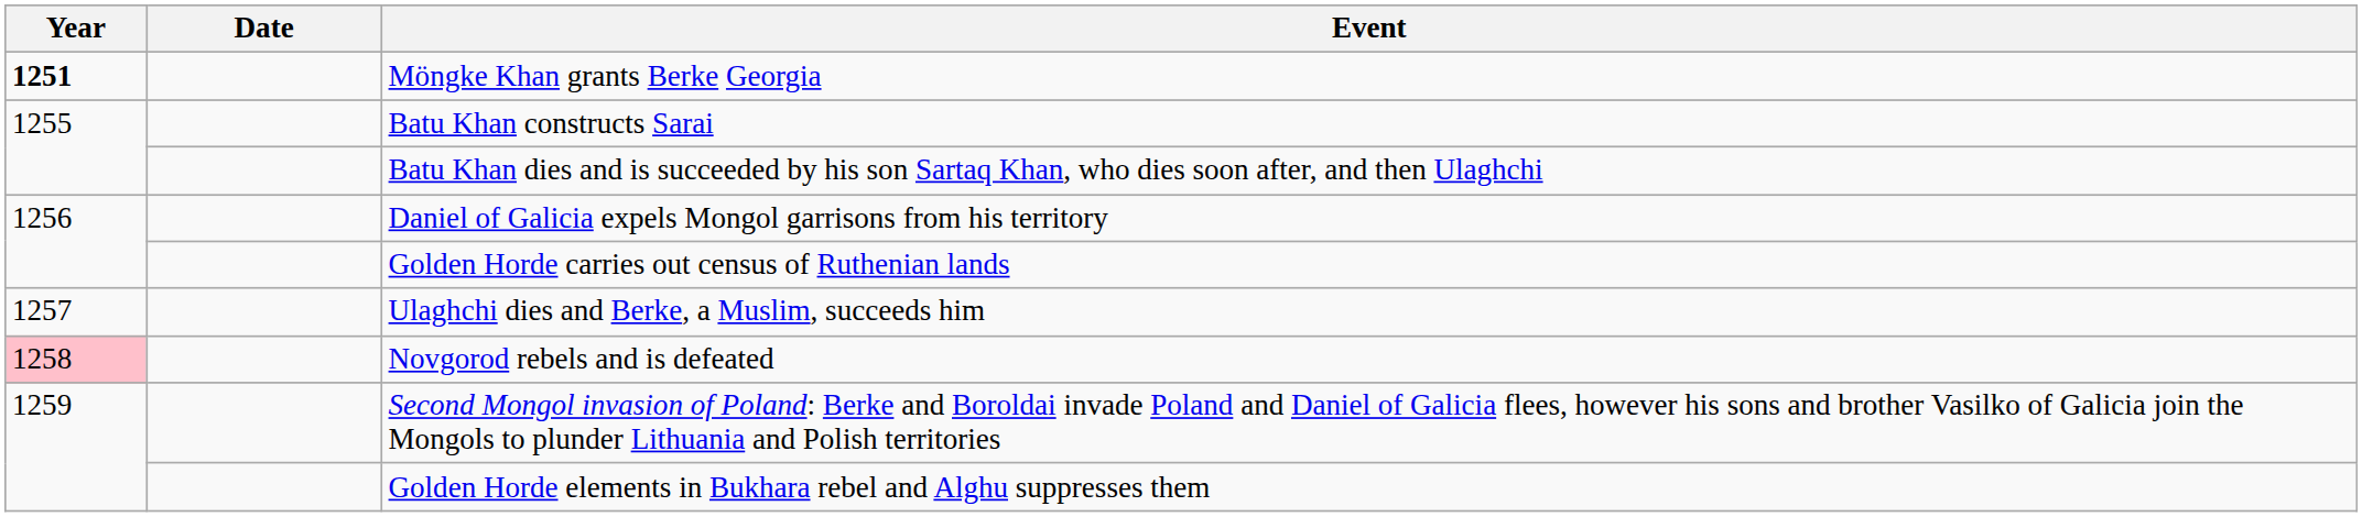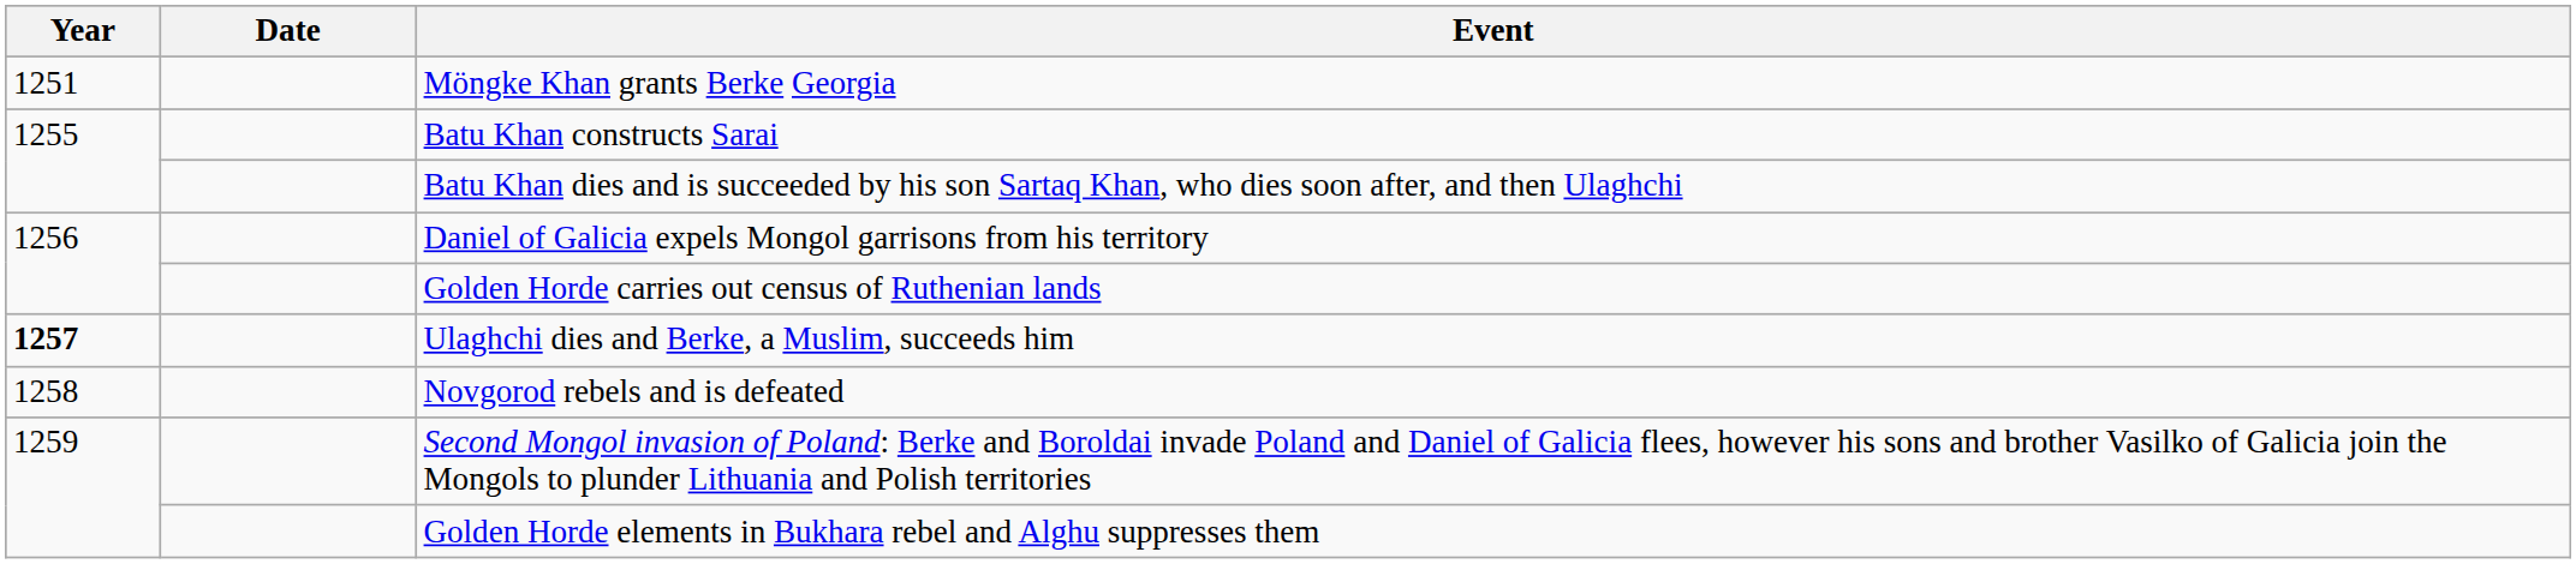 <table class="wikitable" width="100%">
 <tr>
 <th style="width:6%">Year</th>
 <th style="width:10%">Date</th>
 <th>Event</th>
 </tr>
 <tr>
-<td><strong>1251</strong></td>
+<td>1251</td>
 <td></td>
 <td><a href='#'>Möngke Khan</a> grants <a href='#'>Berke</a> <a href='#'>Georgia</a></td>
 </tr>
 <tr>
 <td rowspan="2" valign="top">1255</td>
 <td></td>
 <td><a href='#'>Batu Khan</a> constructs <a href='#'>Sarai</a></td>
 </tr>
 <tr>
 <td></td>
 <td><a href='#'>Batu Khan</a> dies and is succeeded by his son <a href='#'>Sartaq Khan</a>, who dies soon after, and then <a href='#'>Ulaghchi</a></td>
 </tr>
 <tr>
 <td rowspan="2" valign="top">1256</td>
 <td></td>
 <td><a href='#'>Daniel of Galicia</a> expels Mongol garrisons from his territory</td>
 </tr>
 <tr>
 <td></td>
 <td><a href='#'>Golden Horde</a> carries out census of <a href='#'>Ruthenian lands</a></td>
 </tr>
 <tr>
-<td>1257</td>
+<td><strong>1257</strong></td>
 <td></td>
 <td><a href='#'>Ulaghchi</a> dies and <a href='#'>Berke</a>, a <a href='#'>Muslim</a>, succeeds him</td>
 </tr>
 <tr>
-<td style="background: pink;">1258</td>
+<td>1258</td>
 <td></td>
 <td><a href='#'>Novgorod</a> rebels and is defeated</td>
 </tr>
 <tr>
 <td rowspan="2" valign="top">1259</td>
 <td></td>
 <td><em><a href='#'>Second Mongol invasion of Poland</a></em>: <a href='#'>Berke</a> and <a href='#'>Boroldai</a> invade <a href='#'>Poland</a> and <a href='#'>Daniel of Galicia</a> flees, however his sons and brother Vasilko of Galicia join the Mongols to plunder <a href='#'>Lithuania</a> and Polish territories</td>
 </tr>
 <tr>
 <td></td>
 <td><a href='#'>Golden Horde</a> elements in <a href='#'>Bukhara</a> rebel and <a href='#'>Alghu</a> suppresses them</td>
 </tr>
 </table>
